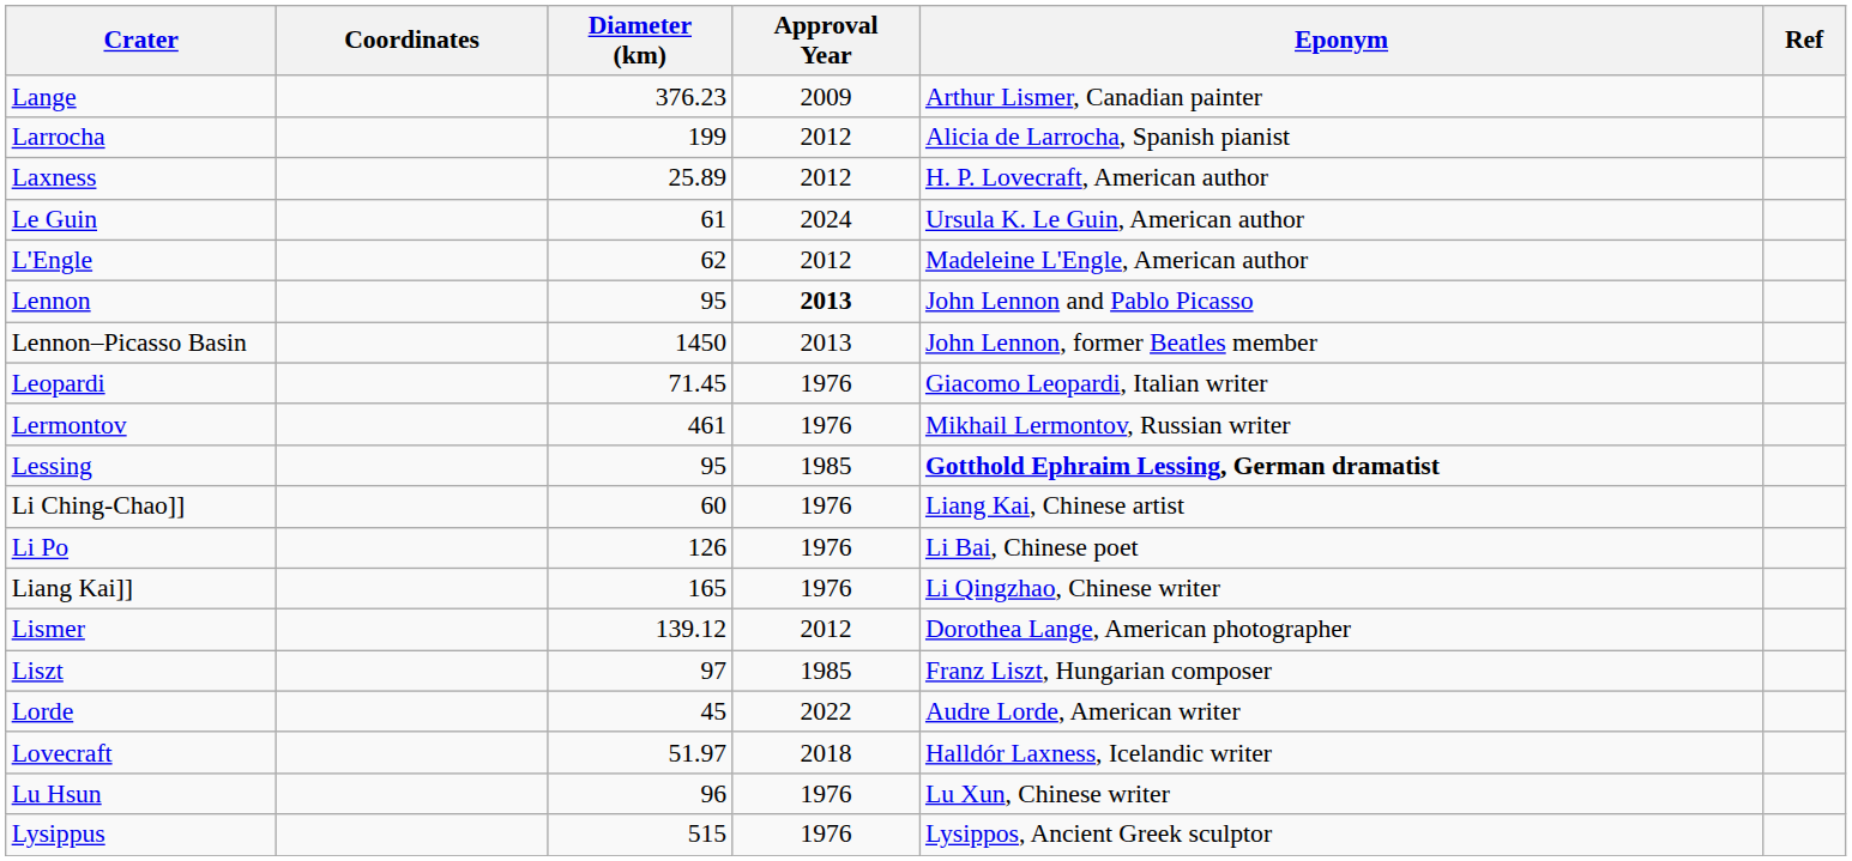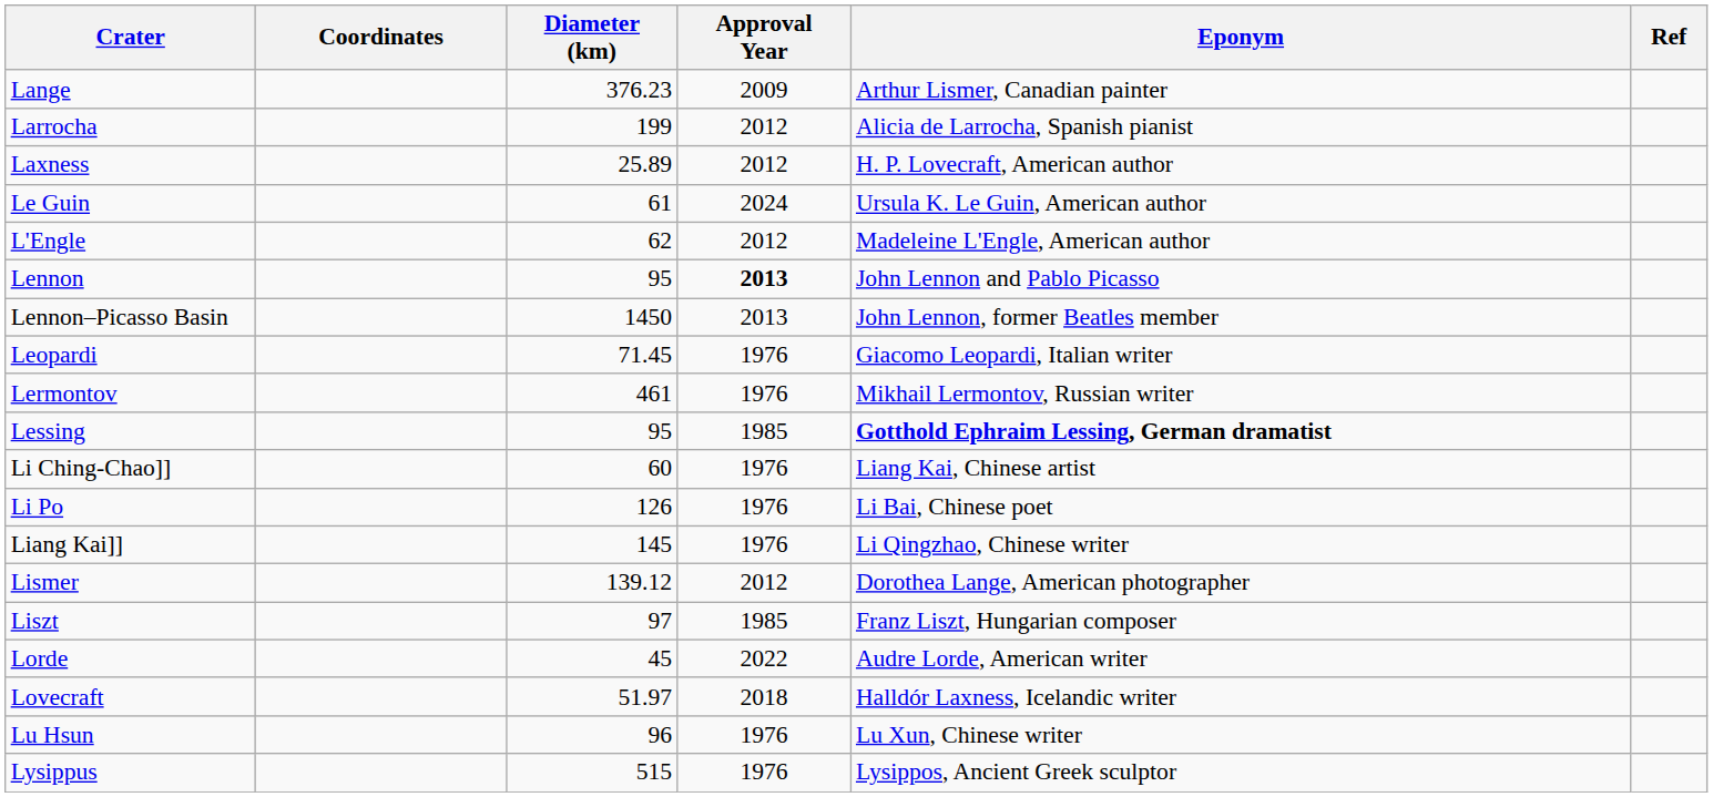 <table class="wikitable sortable" style="min-width: 90%">
 <tr>
 <th style="width:10em"><a href='#'>Crater</a></th>
 <th style="width:10em">Coordinates</th>
 <th><a href='#'>Diameter</a><br>(km)</th>
 <th>Approval<br>Year</th>
 <th class="unsortable"><a href='#'>Eponym</a></th>
 <th class="unsortable">Ref</th>
 </tr>
 <tr id="Lange">
 <td><a href='#'>Lange</a></td>
 <td></td>
 <td align=right>376.23</td>
 <td align=center>2009</td>
 <td><a href='#'>Arthur Lismer</a>, Canadian painter</td>
 <td></td>
 </tr>
 <tr id="Larrocha">
 <td><a href='#'>Larrocha</a></td>
 <td></td>
 <td align=right>199</td>
 <td align=center>2012</td>
 <td><a href='#'>Alicia de Larrocha</a>, Spanish pianist</td>
 <td></td>
 </tr>
 <tr id="Laxness">
 <td><a href='#'>Laxness</a></td>
 <td></td>
 <td align=right>25.89</td>
 <td align=center>2012</td>
 <td><a href='#'>H. P. Lovecraft</a>, American author</td>
 <td></td>
 </tr>
 <tr id="Le Guin">
 <td><a href='#'>Le Guin</a></td>
 <td></td>
 <td align=right>61</td>
 <td align=center>2024</td>
 <td><a href='#'>Ursula K. Le Guin</a>, American author</td>
 <td></td>
 </tr>
 <tr id="L'Engle">
 <td><a href='#'>L'Engle</a></td>
 <td></td>
 <td align=right>62</td>
 <td align=center>2012</td>
 <td><a href='#'>Madeleine L'Engle</a>, American author</td>
 <td></td>
 </tr>
 <tr id="Lennon">
 <td><a href='#'>Lennon</a></td>
 <td></td>
 <td align=right>95</td>
 <td align=center><strong>2013</strong></td>
 <td><a href='#'>John Lennon</a> and <a href='#'>Pablo Picasso</a></td>
 <td></td>
 </tr>
 <tr>
 <td>Lennon–Picasso Basin</td>
 <td></td>
 <td align=right>1450</td>
 <td align=center>2013</td>
 <td><a href='#'>John Lennon</a>, former <a href='#'>Beatles</a> member</td>
 <td></td>
 </tr>
 <tr id="Leopardi">
 <td><a href='#'>Leopardi</a></td>
 <td></td>
 <td align=right>71.45</td>
 <td align=center>1976</td>
 <td><a href='#'>Giacomo Leopardi</a>, Italian writer</td>
 <td></td>
 </tr>
 <tr id="Lermontov">
 <td><a href='#'>Lermontov</a></td>
 <td></td>
 <td align=right>461</td>
 <td align=center>1976</td>
 <td><a href='#'>Mikhail Lermontov</a>, Russian writer</td>
 <td></td>
 </tr>
 <tr id="Lessing">
 <td><a href='#'>Lessing</a></td>
 <td></td>
 <td align=right>95</td>
 <td align=center>1985</td>
 <td><strong><a href='#'>Gotthold Ephraim Lessing</a>, German dramatist</strong></td>
 <td></td>
 </tr>
 <tr id="Li Ch">
 <td [[Li Ch>Li Ching-Chao]]</td>
 <td></td>
 <td align=right>60</td>
 <td align=center>1976</td>
 <td><a href='#'>Liang Kai</a>, Chinese artist</td>
 <td></td>
 </tr>
 <tr id="Li Po">
 <td><a href='#'>Li Po</a></td>
 <td></td>
 <td align=right>126</td>
 <td align=center>1976</td>
 <td><a href='#'>Li Bai</a>, Chinese poet</td>
 <td></td>
 </tr>
 <tr id="Liang K">
 <td [[Liang K>Liang Kai]]</td>
 <td></td>
-<td align=right>165</td>
+<td align=right>145</td>
 <td align=center>1976</td>
 <td><a href='#'>Li Qingzhao</a>, Chinese writer</td>
 <td></td>
 </tr>
 <tr id="Lismer">
 <td><a href='#'>Lismer</a></td>
 <td></td>
 <td align=right>139.12</td>
 <td align=center>2012</td>
 <td><a href='#'>Dorothea Lange</a>, American photographer</td>
 <td></td>
 </tr>
 <tr id="Liszt">
 <td><a href='#'>Liszt</a></td>
 <td></td>
 <td align=right>97</td>
 <td align=center>1985</td>
 <td><a href='#'>Franz Liszt</a>, Hungarian composer</td>
 <td></td>
 </tr>
 <tr id="Lorde">
 <td><a href='#'>Lorde</a></td>
 <td></td>
 <td align=right>45</td>
 <td align=center>2022</td>
 <td><a href='#'>Audre Lorde</a>, American writer</td>
 <td></td>
 </tr>
 <tr id="Lovecraft">
 <td><a href='#'>Lovecraft</a></td>
 <td></td>
 <td align=right>51.97</td>
 <td align=center>2018</td>
 <td><a href='#'>Halldór Laxness</a>, Icelandic writer</td>
 <td></td>
 </tr>
 <tr id="Lu Hsun">
 <td><a href='#'>Lu Hsun</a></td>
 <td></td>
 <td align=right>96</td>
 <td align=center>1976</td>
 <td><a href='#'>Lu Xun</a>, Chinese writer</td>
 <td></td>
 </tr>
 <tr id="Lysippus">
 <td><a href='#'>Lysippus</a></td>
 <td></td>
 <td align=right>515</td>
 <td align=center>1976</td>
 <td><a href='#'>Lysippos</a>, Ancient Greek sculptor</td>
 <td></td>
 </tr>
 </table>
